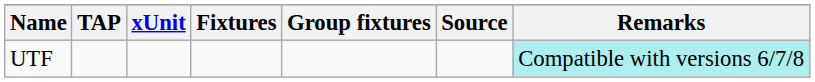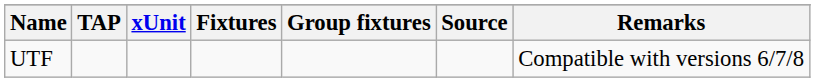 <table class="wikitable sortable">
 <tr>
 </tr>
 <tr>
 <th>Name</th>
 <th>TAP</th>
 <th><a href='#'>xUnit</a></th>
 <th>Fixtures</th>
 <th>Group fixtures</th>
 <th>Source</th>
 <th>Remarks</th>
 </tr>
 <tr>
 <td>UTF</td>
 <td></td>
 <td></td>
 <td></td>
 <td></td>
 <td></td>
-<td style="background: paleturquoise;">Compatible with versions 6/7/8</td>
+<td>Compatible with versions 6/7/8</td>
 </tr>
 </table>
